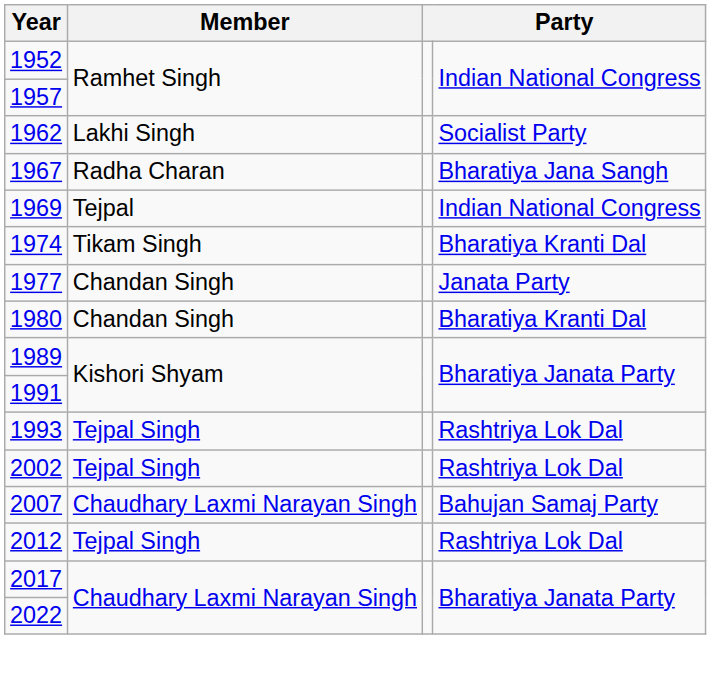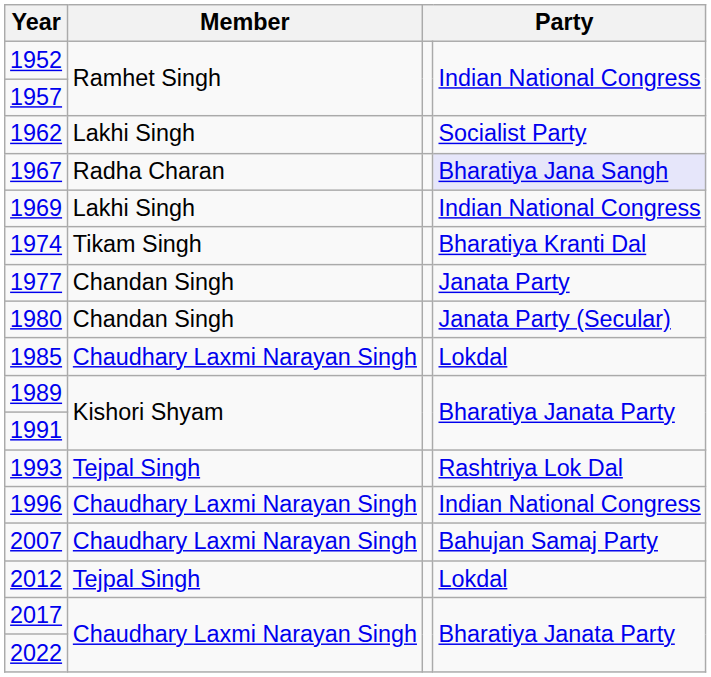 <table class="wikitable">
 <tr>
 <th>Year</th>
 <th>Member</th>
 <th colspan="2">Party</th>
 </tr>
 <tr>
 <td><a href='#'>1952</a></td>
 <td rowspan="2">Ramhet Singh</td>
 <td rowspan="2" style="background-color: "></td>
 <td rowspan="2"><a href='#'>Indian National Congress</a></td>
 </tr>
 <tr>
 <td><a href='#'>1957</a></td>
 </tr>
 <tr>
 <td><a href='#'>1962</a></td>
 <td>Lakhi Singh</td>
 <td style="background-color: "></td>
 <td><a href='#'>Socialist Party</a></td>
 </tr>
 <tr>
 <td><a href='#'>1967</a></td>
 <td>Radha Charan</td>
 <td style="background-color: "></td>
-<td><a href='#'>Bharatiya Jana Sangh</a></td>
+<td style="background: lavender;"><a href='#'>Bharatiya Jana Sangh</a></td>
 </tr>
 <tr>
 <td><a href='#'>1969</a></td>
-<td>Tejpal</td>
+<td>Lakhi Singh</td>
 <td style="background-color: "></td>
 <td><a href='#'>Indian National Congress</a></td>
 </tr>
 <tr>
 <td><a href='#'>1974</a></td>
 <td>Tikam Singh</td>
 <td style="background-color: "></td>
 <td><a href='#'>Bharatiya Kranti Dal</a></td>
 </tr>
 <tr>
 <td><a href='#'>1977</a></td>
 <td>Chandan Singh</td>
 <td style="background-color: "></td>
 <td><a href='#'>Janata Party</a></td>
 </tr>
 <tr>
 <td><a href='#'>1980</a></td>
 <td>Chandan Singh</td>
 <td style="background-color: "></td>
-<td><a href='#'>Bharatiya Kranti Dal</a></td>
+<td><a href='#'>Janata Party (Secular)</a></td>
+</tr>
+<tr>
+<td><a href='#'>1985</a></td>
+<td><a href='#'>Chaudhary Laxmi Narayan Singh</a></td>
+<td style="background-color: "></td>
+<td><a href='#'>Lokdal</a></td>
 </tr>
 <tr>
 <td><a href='#'>1989</a></td>
 <td rowspan="2">Kishori Shyam</td>
 <td rowspan="2" style="background-color: "></td>
 <td rowspan="2"><a href='#'>Bharatiya Janata Party</a></td>
 </tr>
 <tr>
 <td><a href='#'>1991</a></td>
 </tr>
 <tr>
 <td><a href='#'>1993</a></td>
 <td><a href='#'>Tejpal Singh</a></td>
 <td style="background-color: "></td>
 <td><a href='#'>Rashtriya Lok Dal</a></td>
 </tr>
 <tr>
-<td><a href='#'>2002</a></td>
-<td><a href='#'>Tejpal Singh</a></td>
+<td><a href='#'>1996</a></td>
+<td><a href='#'>Chaudhary Laxmi Narayan Singh</a></td>
 <td style="background-color: "></td>
-<td><a href='#'>Rashtriya Lok Dal</a></td>
+<td><a href='#'>Indian National Congress</a></td>
 </tr>
 <tr>
 <td><a href='#'>2007</a></td>
 <td><a href='#'>Chaudhary Laxmi Narayan Singh</a></td>
 <td style="background-color: "></td>
 <td><a href='#'>Bahujan Samaj Party</a></td>
 </tr>
 <tr>
 <td><a href='#'>2012</a></td>
 <td><a href='#'>Tejpal Singh</a></td>
 <td style="background-color: "></td>
-<td><a href='#'>Rashtriya Lok Dal</a></td>
+<td><a href='#'>Lokdal</a></td>
 </tr>
 <tr>
 <td><a href='#'>2017</a></td>
 <td rowspan="2"><a href='#'>Chaudhary Laxmi Narayan Singh</a></td>
 <td rowspan="2" style="background-color: "></td>
 <td rowspan="2"><a href='#'>Bharatiya Janata Party</a></td>
 </tr>
 <tr>
 <td><a href='#'>2022</a></td>
 </tr>
 </table>
